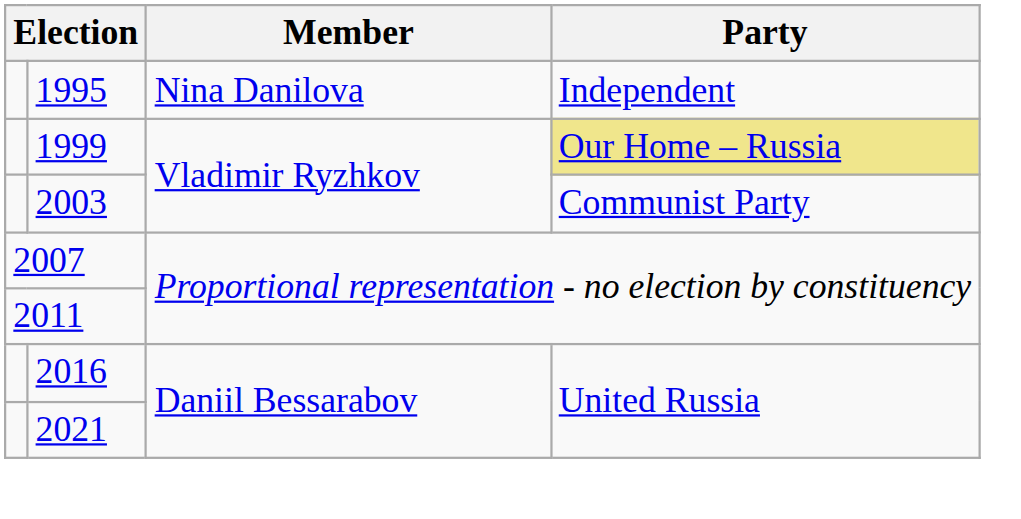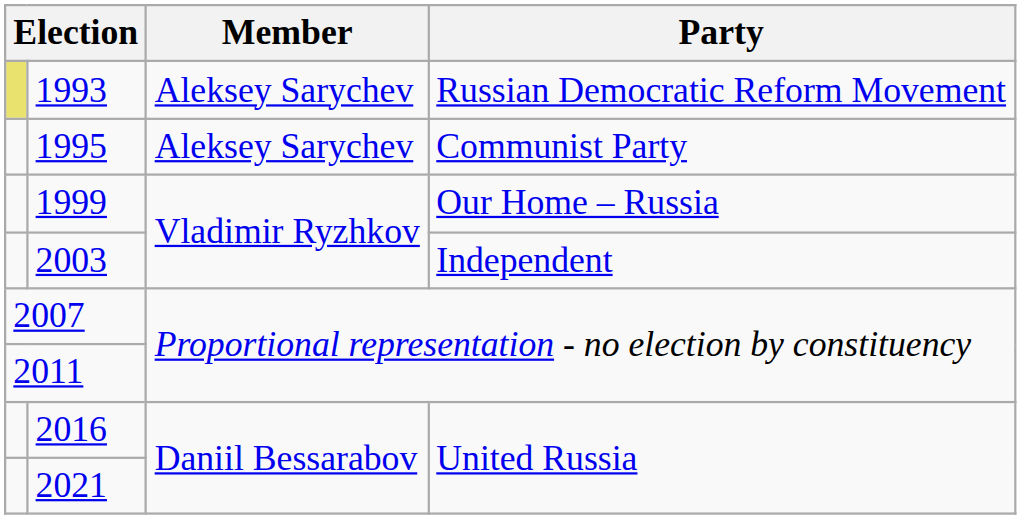 <table class="wikitable">
 <tr>
 <th colspan="2">Election</th>
 <th>Member</th>
 <th>Party</th>
 </tr>
 <tr>
+<td style="background-color:#E9E26E"></td>
+<td><a href='#'>1993</a></td>
+<td><a href='#'>Aleksey Sarychev</a></td>
+<td><a href='#'>Russian Democratic Reform Movement</a></td>
+</tr>
+<tr>
 <td style="background-color:"></td>
 <td><a href='#'>1995</a></td>
-<td><a href='#'>Nina Danilova</a></td>
-<td><a href='#'>Independent</a></td>
+<td><a href='#'>Aleksey Sarychev</a></td>
+<td><a href='#'>Communist Party</a></td>
 </tr>
 <tr>
 <td style="background-color:"></td>
 <td><a href='#'>1999</a></td>
 <td rowspan=2><a href='#'>Vladimir Ryzhkov</a></td>
-<td style="background: khaki;"><a href='#'>Our Home – Russia</a></td>
+<td><a href='#'>Our Home – Russia</a></td>
 </tr>
 <tr>
 <td style="background-color:"></td>
 <td><a href='#'>2003</a></td>
-<td><a href='#'>Communist Party</a></td>
+<td><a href='#'>Independent</a></td>
 </tr>
 <tr>
 <td colspan=2><a href='#'>2007</a></td>
 <td colspan=2 rowspan=2><em><a href='#'>Proportional representation</a> - no election by constituency</em></td>
 </tr>
 <tr>
 <td colspan=2><a href='#'>2011</a></td>
 </tr>
 <tr>
 <td style="background-color: "></td>
 <td><a href='#'>2016</a></td>
 <td rowspan=2><a href='#'>Daniil Bessarabov</a></td>
 <td rowspan=2><a href='#'>United Russia</a></td>
 </tr>
 <tr>
 <td style="background-color: "></td>
 <td><a href='#'>2021</a></td>
 </tr>
 </table>
